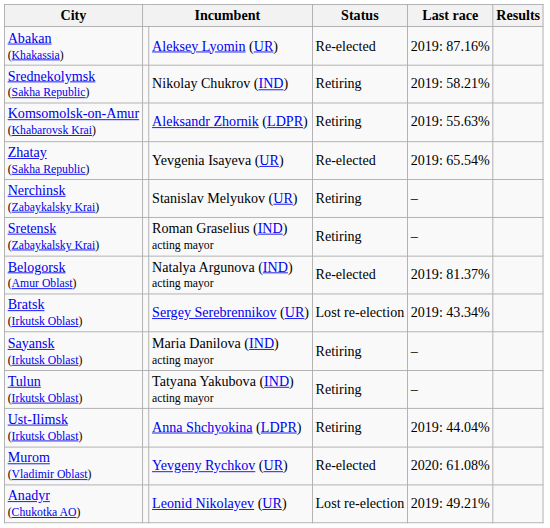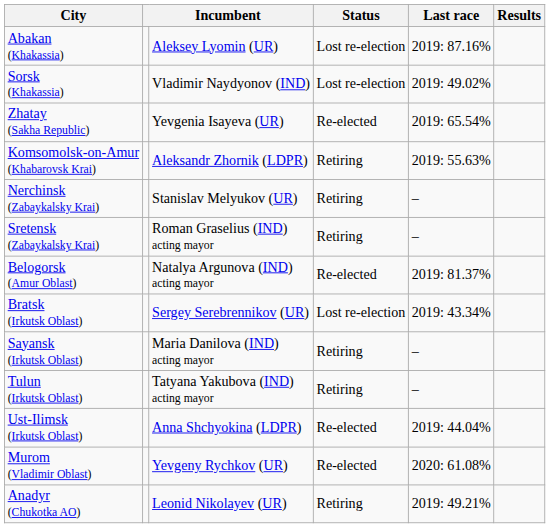 <table class="wikitable">
 <tr>
 <th>City</th>
 <th colspan=2>Incumbent</th>
 <th>Status</th>
 <th>Last race</th>
 <th>Results</th>
 </tr>
 <tr>
 <td><a href='#'>Abakan</a><br><small>(<a href='#'>Khakassia</a>)</small></td>
 <td style="background-color:"></td>
 <td><a href='#'>Aleksey Lyomin</a> (<a href='#'>UR</a>)</td>
-<td>Re-elected</td>
+<td>Lost re-election</td>
 <td>2019: 87.16%</td>
 <td nowrap></td>
 </tr>
 <tr>
-<td><a href='#'>Srednekolymsk</a><br><small>(<a href='#'>Sakha Republic</a>)</small></td>
+<td><a href='#'>Sorsk</a><br><small>(<a href='#'>Khakassia</a>)</small></td>
 <td style="background-color:"></td>
-<td>Nikolay Chukrov (<a href='#'>IND</a>)</td>
-<td>Retiring</td>
-<td>2019: 58.21%</td>
+<td>Vladimir Naydyonov (<a href='#'>IND</a>)</td>
+<td>Lost re-election</td>
+<td>2019: 49.02%</td>
+<td nowrap></td>
+</tr>
+<tr>
+<td><a href='#'>Zhatay</a><br><small>(<a href='#'>Sakha Republic</a>)</small></td>
+<td style="background-color:"></td>
+<td>Yevgenia Isayeva (<a href='#'>UR</a>)</td>
+<td>Re-elected</td>
+<td>2019: 65.54%</td>
 <td nowrap></td>
 </tr>
 <tr>
 <td><a href='#'>Komsomolsk-on-Amur</a><br><small>(<a href='#'>Khabarovsk Krai</a>)</small></td>
 <td style="background-color:"></td>
 <td><a href='#'>Aleksandr Zhornik</a> (<a href='#'>LDPR</a>)</td>
 <td>Retiring</td>
 <td>2019: 55.63%</td>
-<td nowrap></td>
-</tr>
-<tr>
-<td><a href='#'>Zhatay</a><br><small>(<a href='#'>Sakha Republic</a>)</small></td>
-<td style="background-color:"></td>
-<td>Yevgenia Isayeva (<a href='#'>UR</a>)</td>
-<td>Re-elected</td>
-<td>2019: 65.54%</td>
 <td nowrap></td>
 </tr>
 <tr>
 <td><a href='#'>Nerchinsk</a><br><small>(<a href='#'>Zabaykalsky Krai</a>)</small></td>
 <td style="background-color:"></td>
 <td>Stanislav Melyukov (<a href='#'>UR</a>)</td>
 <td>Retiring</td>
 <td>–</td>
 <td nowrap></td>
 </tr>
 <tr>
 <td><a href='#'>Sretensk</a><br><small>(<a href='#'>Zabaykalsky Krai</a>)</small></td>
 <td style="background-color:"></td>
 <td>Roman Graselius (<a href='#'>IND</a>)<br><small>acting mayor</small></td>
 <td>Retiring</td>
 <td>–</td>
 <td nowrap></td>
 </tr>
 <tr>
 <td><a href='#'>Belogorsk</a><br><small>(<a href='#'>Amur Oblast</a>)</small></td>
 <td style="background-color:"></td>
 <td>Natalya Argunova (<a href='#'>IND</a>)<br><small>acting mayor</small></td>
 <td>Re-elected</td>
 <td>2019: 81.37%</td>
 <td nowrap></td>
 </tr>
 <tr>
 <td><a href='#'>Bratsk</a><br><small>(<a href='#'>Irkutsk Oblast</a>)</small></td>
 <td style="background-color:"></td>
 <td><a href='#'>Sergey Serebrennikov</a> (<a href='#'>UR</a>)</td>
 <td>Lost re-election</td>
 <td>2019: 43.34%</td>
 <td nowrap></td>
 </tr>
 <tr>
 <td><a href='#'>Sayansk</a><br><small>(<a href='#'>Irkutsk Oblast</a>)</small></td>
 <td style="background-color:"></td>
 <td>Maria Danilova (<a href='#'>IND</a>)<br><small>acting mayor</small></td>
 <td>Retiring</td>
 <td>–</td>
 <td nowrap></td>
 </tr>
 <tr>
 <td><a href='#'>Tulun</a><br><small>(<a href='#'>Irkutsk Oblast</a>)</small></td>
 <td style="background-color:"></td>
 <td>Tatyana Yakubova (<a href='#'>IND</a>)<br><small>acting mayor</small></td>
 <td>Retiring</td>
 <td>–</td>
 <td nowrap></td>
 </tr>
 <tr>
 <td><a href='#'>Ust-Ilimsk</a><br><small>(<a href='#'>Irkutsk Oblast</a>)</small></td>
 <td style="background-color:"></td>
 <td><a href='#'>Anna Shchyokina</a> (<a href='#'>LDPR</a>)</td>
-<td>Retiring</td>
+<td>Re-elected</td>
 <td>2019: 44.04%</td>
 <td nowrap></td>
 </tr>
 <tr>
 <td><a href='#'>Murom</a><br><small>(<a href='#'>Vladimir Oblast</a>)</small></td>
 <td style="background-color:"></td>
 <td><a href='#'>Yevgeny Rychkov</a> (<a href='#'>UR</a>)</td>
 <td>Re-elected</td>
 <td>2020: 61.08%</td>
 <td nowrap></td>
 </tr>
 <tr>
 <td><a href='#'>Anadyr</a><br><small>(<a href='#'>Chukotka AO</a>)</small></td>
 <td style="background-color:"></td>
 <td><a href='#'>Leonid Nikolayev</a> (<a href='#'>UR</a>)</td>
-<td>Lost re-election</td>
+<td>Retiring</td>
 <td>2019: 49.21%</td>
 <td nowrap></td>
 </tr>
 </table>
